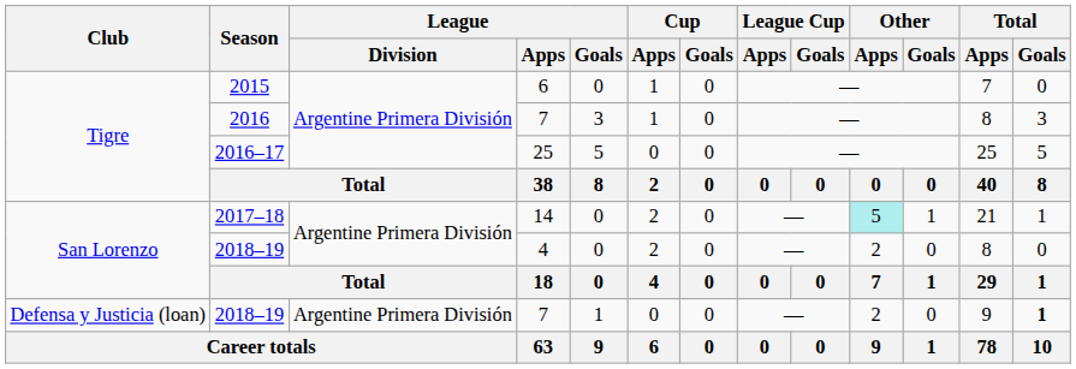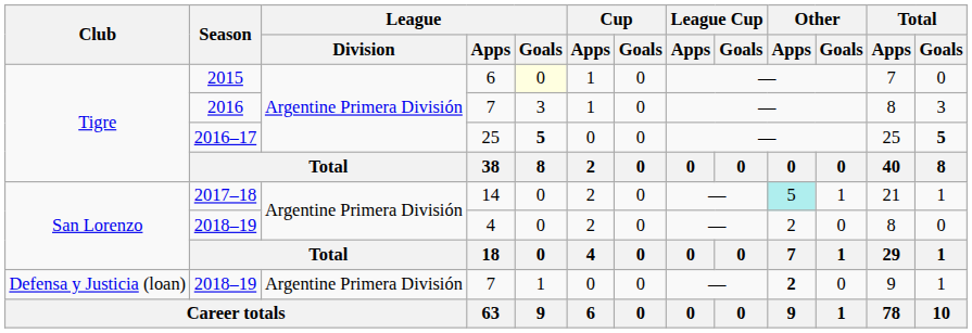 <table class="wikitable" style="font-size:90%; text-align: center">
 <tr>
 <th rowspan=2>Club</th>
 <th rowspan=2>Season</th>
 <th colspan=3>League</th>
 <th colspan=2>Cup</th>
 <th colspan=2>League Cup</th>
 <th colspan=2>Other</th>
 <th colspan=2>Total</th>
 </tr>
 <tr>
 <th>Division</th>
 <th>Apps</th>
 <th>Goals</th>
 <th>Apps</th>
 <th>Goals</th>
 <th>Apps</th>
 <th>Goals</th>
 <th>Apps</th>
 <th>Goals</th>
 <th>Apps</th>
 <th>Goals</th>
 </tr>
 <tr>
 <td rowspan=4><a href='#'>Tigre</a></td>
 <td><a href='#'>2015</a></td>
 <td rowspan=3><a href='#'>Argentine Primera División</a></td>
 <td>6</td>
-<td>0</td>
+<td style="background: lightyellow;">0</td>
 <td>1</td>
 <td>0</td>
 <td colspan=4>—</td>
 <td>7</td>
 <td>0</td>
 </tr>
 <tr>
 <td><a href='#'>2016</a></td>
 <td>7</td>
 <td>3</td>
 <td>1</td>
 <td>0</td>
 <td colspan=4>—</td>
 <td>8</td>
 <td>3</td>
 </tr>
 <tr>
 <td><a href='#'>2016–17</a></td>
 <td>25</td>
-<td>5</td>
+<td><strong>5</strong></td>
 <td>0</td>
 <td>0</td>
 <td colspan=4>—</td>
 <td>25</td>
-<td>5</td>
+<td><strong>5</strong></td>
 </tr>
 <tr>
 <th colspan=2>Total</th>
 <th>38</th>
 <th>8</th>
 <th>2</th>
 <th>0</th>
 <th>0</th>
 <th>0</th>
 <th>0</th>
 <th>0</th>
 <th>40</th>
 <th>8</th>
 </tr>
 <tr>
 <td rowspan=3><a href='#'>San Lorenzo</a></td>
 <td><a href='#'>2017–18</a></td>
 <td rowspan=2>Argentine Primera División</td>
 <td>14</td>
 <td>0</td>
 <td>2</td>
 <td>0</td>
 <td colspan=2>—</td>
 <td style="background: paleturquoise;">5</td>
 <td>1</td>
 <td>21</td>
 <td>1</td>
 </tr>
 <tr>
 <td><a href='#'>2018–19</a></td>
 <td>4</td>
 <td>0</td>
 <td>2</td>
 <td>0</td>
 <td colspan=2>—</td>
 <td>2</td>
 <td>0</td>
 <td>8</td>
 <td>0</td>
 </tr>
 <tr>
 <th colspan=2>Total</th>
 <th>18</th>
 <th>0</th>
 <th>4</th>
 <th>0</th>
 <th>0</th>
 <th>0</th>
 <th>7</th>
 <th>1</th>
 <th>29</th>
 <th>1</th>
 </tr>
 <tr>
 <td><a href='#'>Defensa y Justicia</a> (loan)</td>
 <td><a href='#'>2018–19</a></td>
 <td>Argentine Primera División</td>
 <td>7</td>
 <td>1</td>
 <td>0</td>
 <td>0</td>
 <td colspan=2>—</td>
-<td>2</td>
+<td><strong>2</strong></td>
 <td>0</td>
 <td>9</td>
-<td><strong>1</strong></td>
+<td>1</td>
 </tr>
 <tr>
 <th colspan=3>Career totals</th>
 <th>63</th>
 <th>9</th>
 <th>6</th>
 <th>0</th>
 <th>0</th>
 <th>0</th>
 <th>9</th>
 <th>1</th>
 <th>78</th>
 <th>10</th>
 </tr>
 </table>
